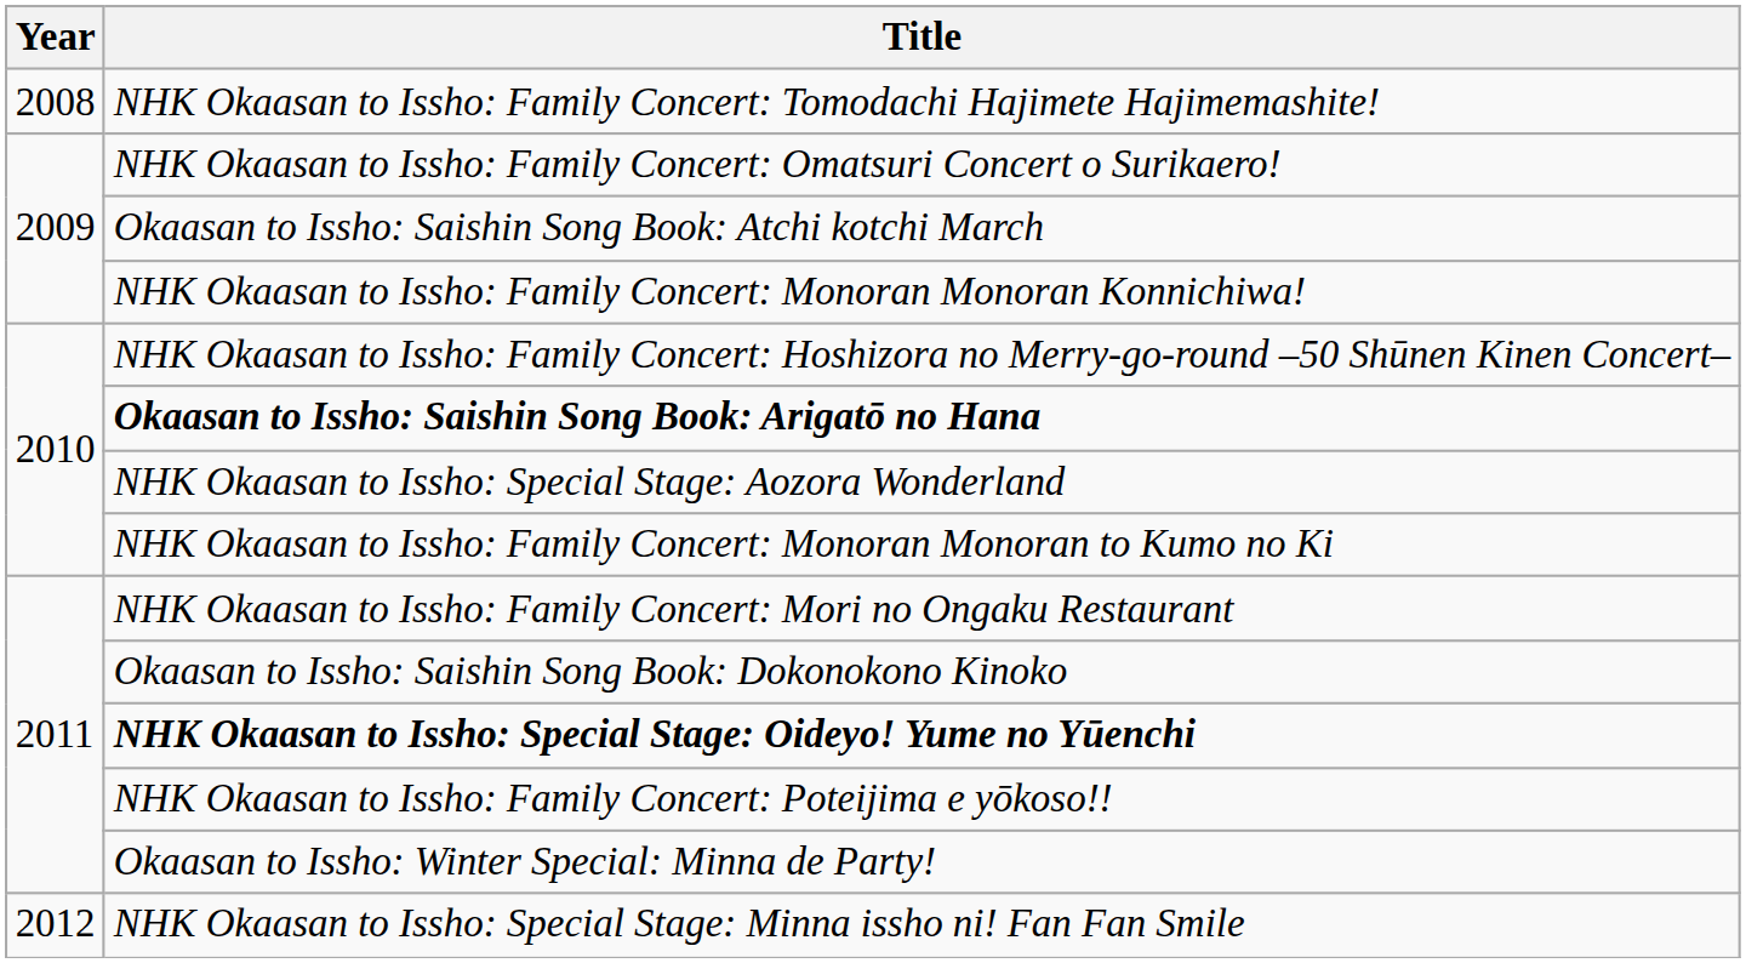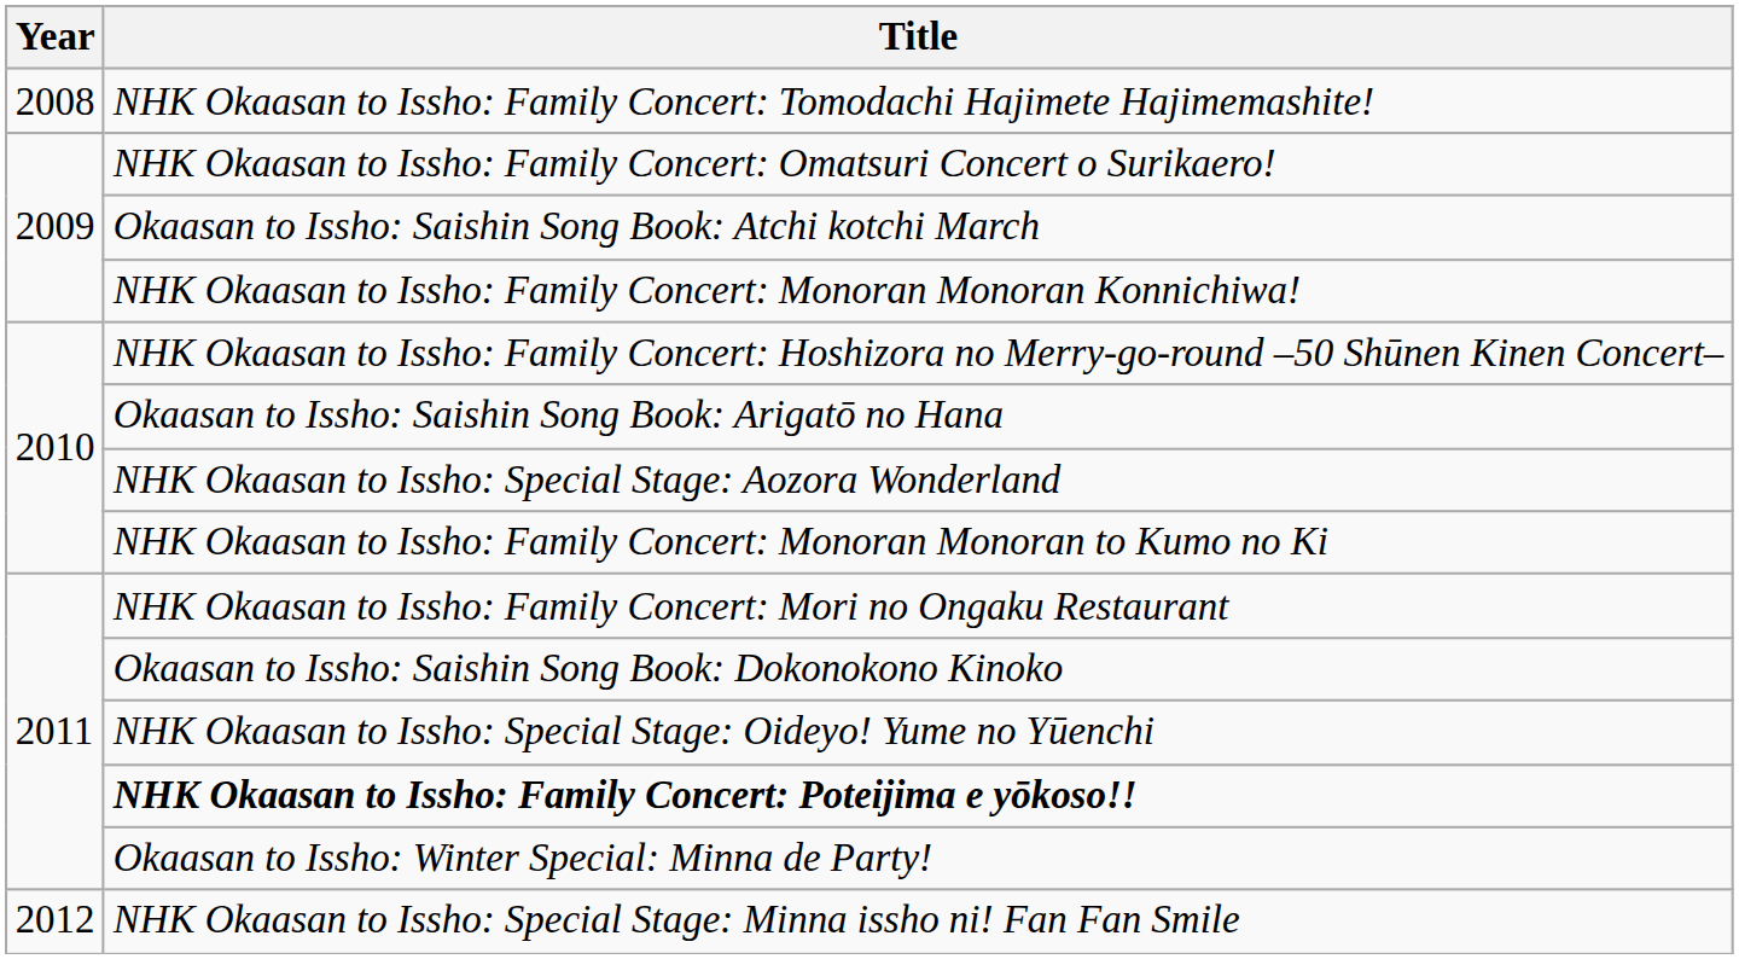 <table class="wikitable">
 <tr>
 <th>Year</th>
 <th>Title</th>
 </tr>
 <tr>
 <td>2008</td>
 <td><em>NHK Okaasan to Issho: Family Concert: Tomodachi Hajimete Hajimemashite!</em></td>
 </tr>
 <tr>
 <td rowspan="3">2009</td>
 <td><em>NHK Okaasan to Issho: Family Concert: Omatsuri Concert o Surikaero!</em></td>
 </tr>
 <tr>
 <td><em>Okaasan to Issho: Saishin Song Book: Atchi kotchi March</em></td>
 </tr>
 <tr>
 <td><em>NHK Okaasan to Issho: Family Concert: Monoran Monoran Konnichiwa!</em></td>
 </tr>
 <tr>
 <td rowspan="4">2010</td>
 <td><em>NHK Okaasan to Issho: Family Concert: Hoshizora no Merry-go-round –50 Shūnen Kinen Concert–</em></td>
 </tr>
 <tr>
-<td><strong><em>Okaasan to Issho: Saishin Song Book: Arigatō no Hana</em></strong></td>
+<td><em>Okaasan to Issho: Saishin Song Book: Arigatō no Hana</em></td>
 </tr>
 <tr>
 <td><em>NHK Okaasan to Issho: Special Stage: Aozora Wonderland</em></td>
 </tr>
 <tr>
 <td><em>NHK Okaasan to Issho: Family Concert: Monoran Monoran to Kumo no Ki</em></td>
 </tr>
 <tr>
 <td rowspan="5">2011</td>
 <td><em>NHK Okaasan to Issho: Family Concert: Mori no Ongaku Restaurant</em></td>
 </tr>
 <tr>
 <td><em>Okaasan to Issho: Saishin Song Book: Dokonokono Kinoko</em></td>
 </tr>
 <tr>
-<td><strong><em>NHK Okaasan to Issho: Special Stage: Oideyo! Yume no Yūenchi</em></strong></td>
+<td><em>NHK Okaasan to Issho: Special Stage: Oideyo! Yume no Yūenchi</em></td>
 </tr>
 <tr>
-<td><em>NHK Okaasan to Issho: Family Concert: Poteijima e yōkoso!!</em></td>
+<td><strong><em>NHK Okaasan to Issho: Family Concert: Poteijima e yōkoso!!</em></strong></td>
 </tr>
 <tr>
 <td><em>Okaasan to Issho: Winter Special: Minna de Party!</em></td>
 </tr>
 <tr>
 <td>2012</td>
 <td><em>NHK Okaasan to Issho: Special Stage: Minna issho ni! Fan Fan Smile</em></td>
 </tr>
 </table>
